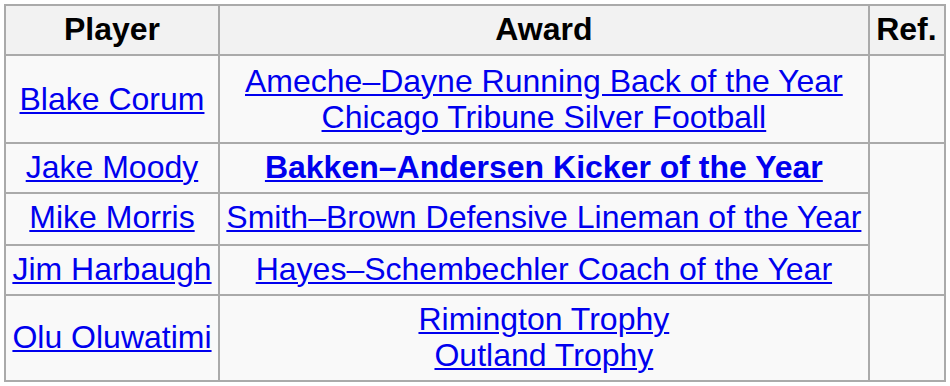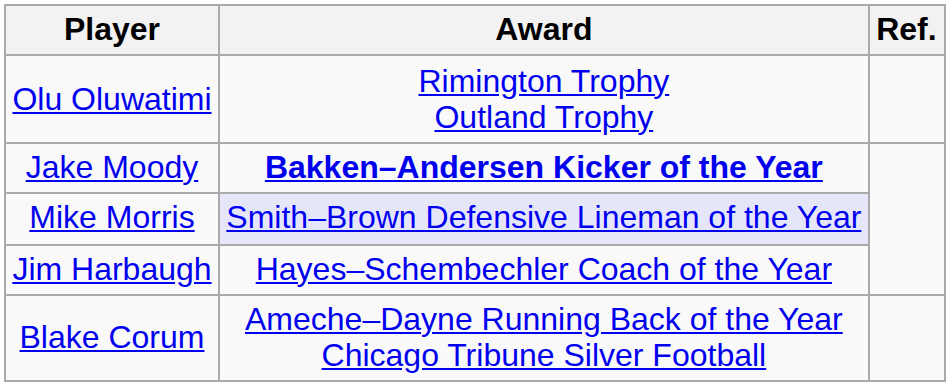 <table class="wikitable sortable sortable" style="text-align: center">
 <tr align=center>
 <th>Player</th>
 <th>Award</th>
 <th>Ref.</th>
 </tr>
 <tr>
-<td><a href='#'>Blake Corum</a></td>
-<td><a href='#'>Ameche–Dayne Running Back of the Year</a><br><a href='#'>Chicago Tribune Silver Football</a></td>
+<td><a href='#'>Olu Oluwatimi</a></td>
+<td><a href='#'>Rimington Trophy</a> <br> <a href='#'>Outland Trophy</a></td>
 <td><br></td>
 </tr>
 <tr>
 <td><a href='#'>Jake Moody</a></td>
 <td><strong><a href='#'>Bakken–Andersen Kicker of the Year</a></strong></td>
 <td rowspan="3"></td>
 </tr>
 <tr>
 <td><a href='#'>Mike Morris</a></td>
-<td><a href='#'>Smith–Brown Defensive Lineman of the Year</a></td>
+<td style="background: lavender;"><a href='#'>Smith–Brown Defensive Lineman of the Year</a></td>
 </tr>
 <tr>
 <td><a href='#'>Jim Harbaugh</a></td>
 <td><a href='#'>Hayes–Schembechler Coach of the Year</a></td>
 </tr>
 <tr>
-<td><a href='#'>Olu Oluwatimi</a></td>
-<td><a href='#'>Rimington Trophy</a> <br> <a href='#'>Outland Trophy</a></td>
+<td><a href='#'>Blake Corum</a></td>
+<td><a href='#'>Ameche–Dayne Running Back of the Year</a><br><a href='#'>Chicago Tribune Silver Football</a></td>
 <td><br></td>
 </tr>
 </table>
